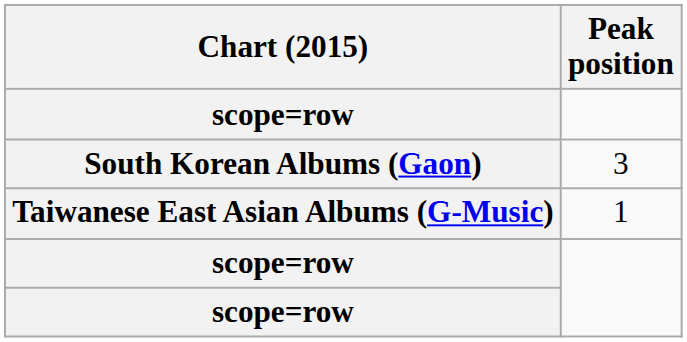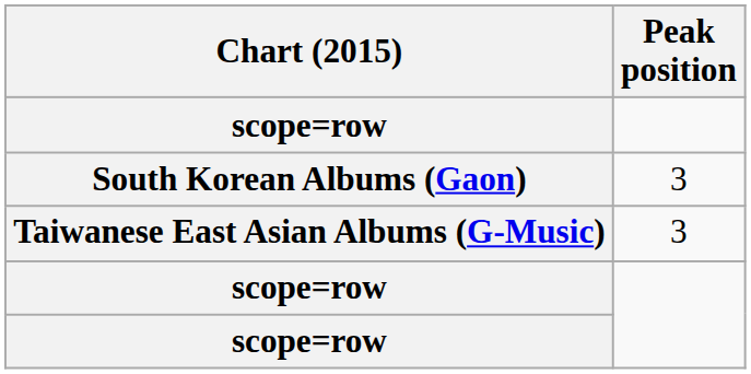 <table class="wikitable sortable plainrowheaders" style="text-align:center;">
 <tr>
 <th>Chart (2015)</th>
 <th>Peak<br>position</th>
 </tr>
 <tr>
 <th>scope=row </th>
 </tr>
 <tr>
 <th scope="row">South Korean Albums (<a href='#'>Gaon</a>)</th>
 <td>3</td>
 </tr>
 <tr>
 <th scope="row">Taiwanese East Asian Albums (<a href='#'>G-Music</a>)</th>
-<td>1</td>
+<td>3</td>
 </tr>
 <tr>
 <th>scope=row </th>
 </tr>
 <tr>
 <th>scope=row </th>
 </tr>
 </table>
